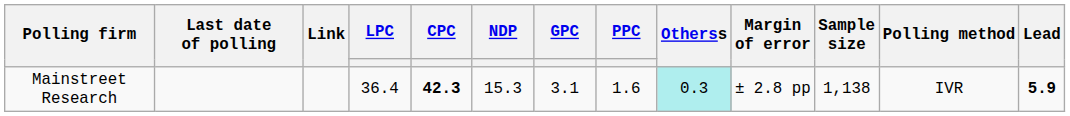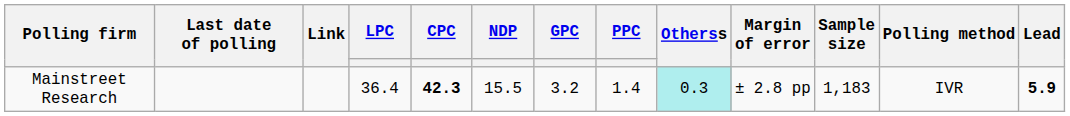 <table class="wikitable sortable mw-datatable" style="text-align:center;font-size:90%;line-height:14px;">
 <tr style="height:40px;">
 <th rowspan="2" style="width:105px;">Polling firm</th>
 <th rowspan="2" style="width:105px;">Last date<br>of polling</th>
 <th rowspan="2">Link</th>
 <th style="width:40px;"><a href='#'>LPC</a></th>
 <th style="width:40px;"><a href='#'>CPC</a></th>
 <th style="width:40px;"><a href='#'>NDP</a></th>
 <th style="width:40px;"><a href='#'>GPC</a></th>
 <th style="width:40px;"><a href='#'>PPC</a></th>
 <th rowspan="2" style="width:40px"><a href='#'>Others</a>s</th>
 <th rowspan="2">Margin<br>of error</th>
 <th rowspan="2">Sample<br>size</th>
 <th rowspan="2">Polling method</th>
 <th rowspan="2">Lead</th>
 </tr>
 <tr class="sorttop">
 <th style="background:"></th>
 <th style="background:"></th>
 <th style="background:"></th>
 <th style="background:"></th>
 <th style="background:"></th>
 </tr>
 <tr>
 <td>Mainstreet Research</td>
 <td></td>
 <td></td>
 <td>36.4</td>
 <td><strong>42.3</strong></td>
-<td>15.3</td>
-<td>3.1</td>
-<td>1.6</td>
+<td>15.5</td>
+<td>3.2</td>
+<td>1.4</td>
 <td style="background: paleturquoise;">0.3</td>
 <td>± 2.8 pp</td>
-<td>1,138</td>
+<td>1,183</td>
 <td>IVR</td>
 <td><strong>5.9</strong></td>
 </tr>
 </table>
